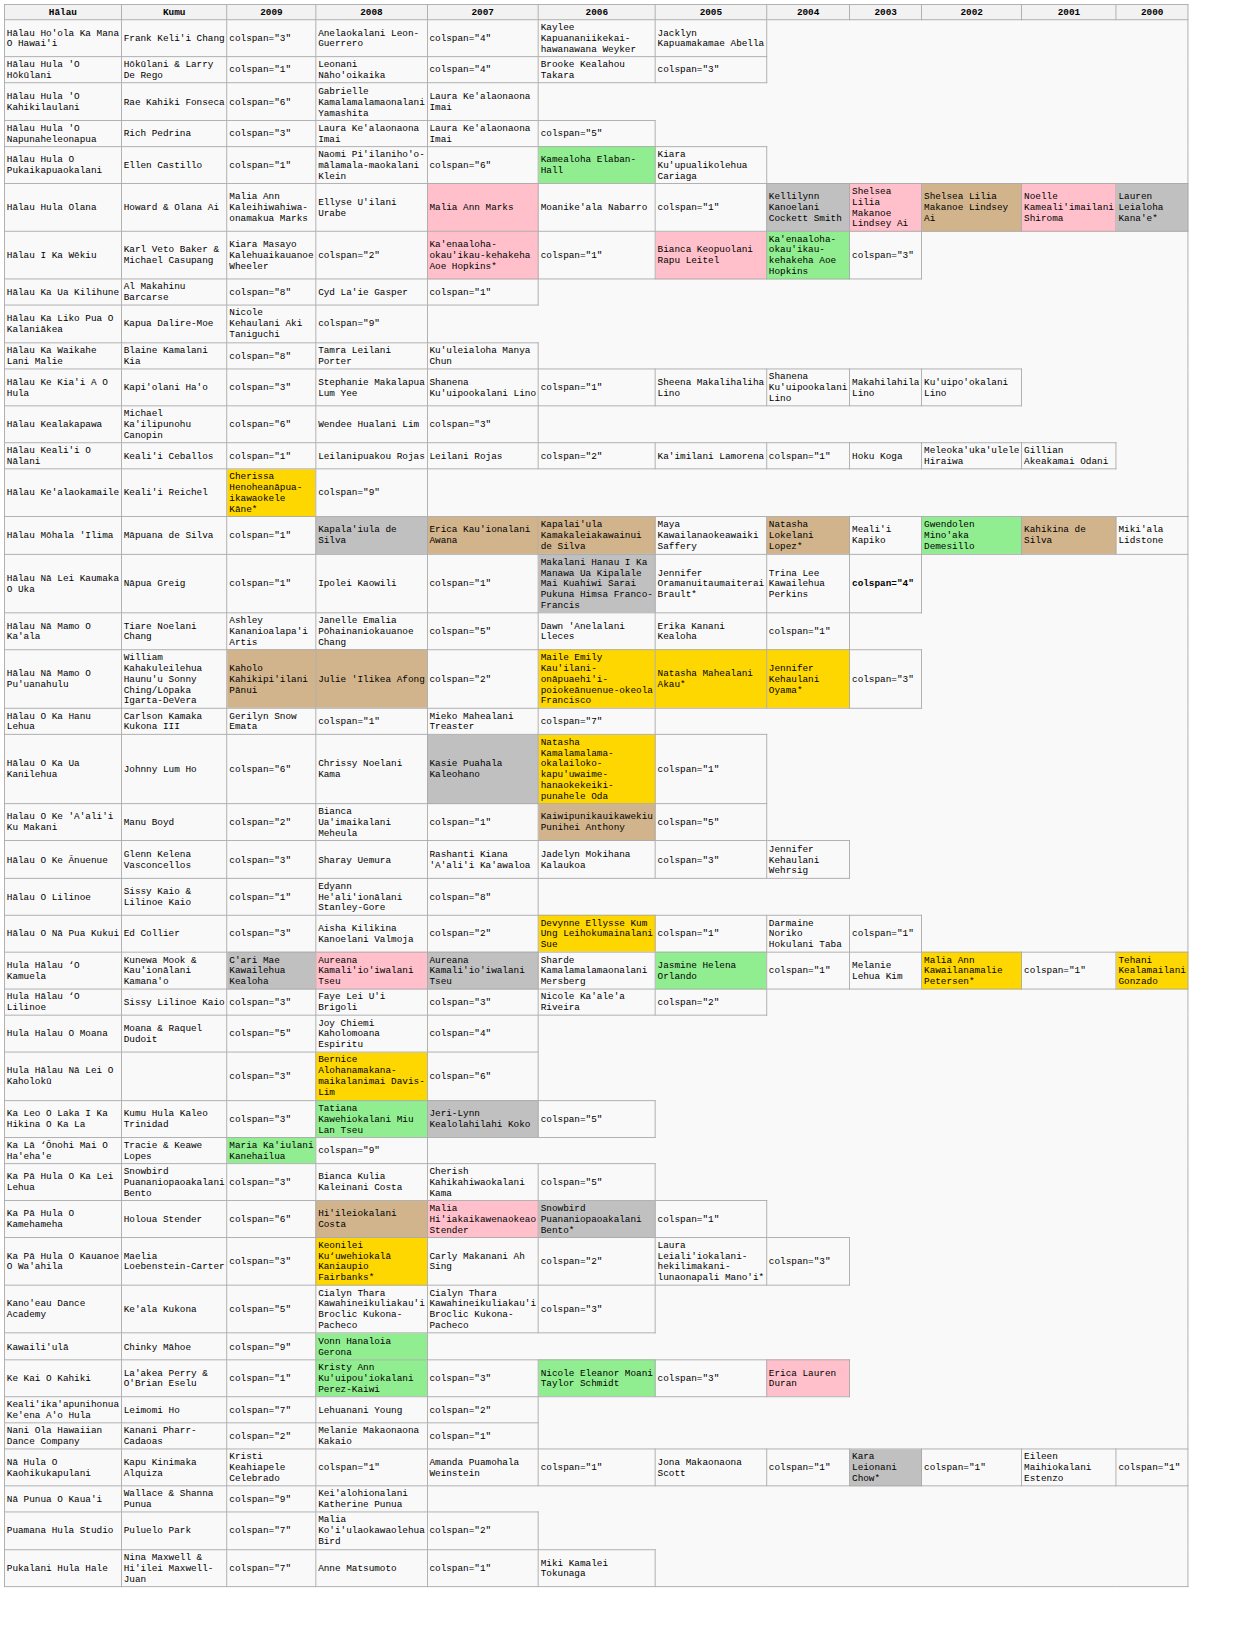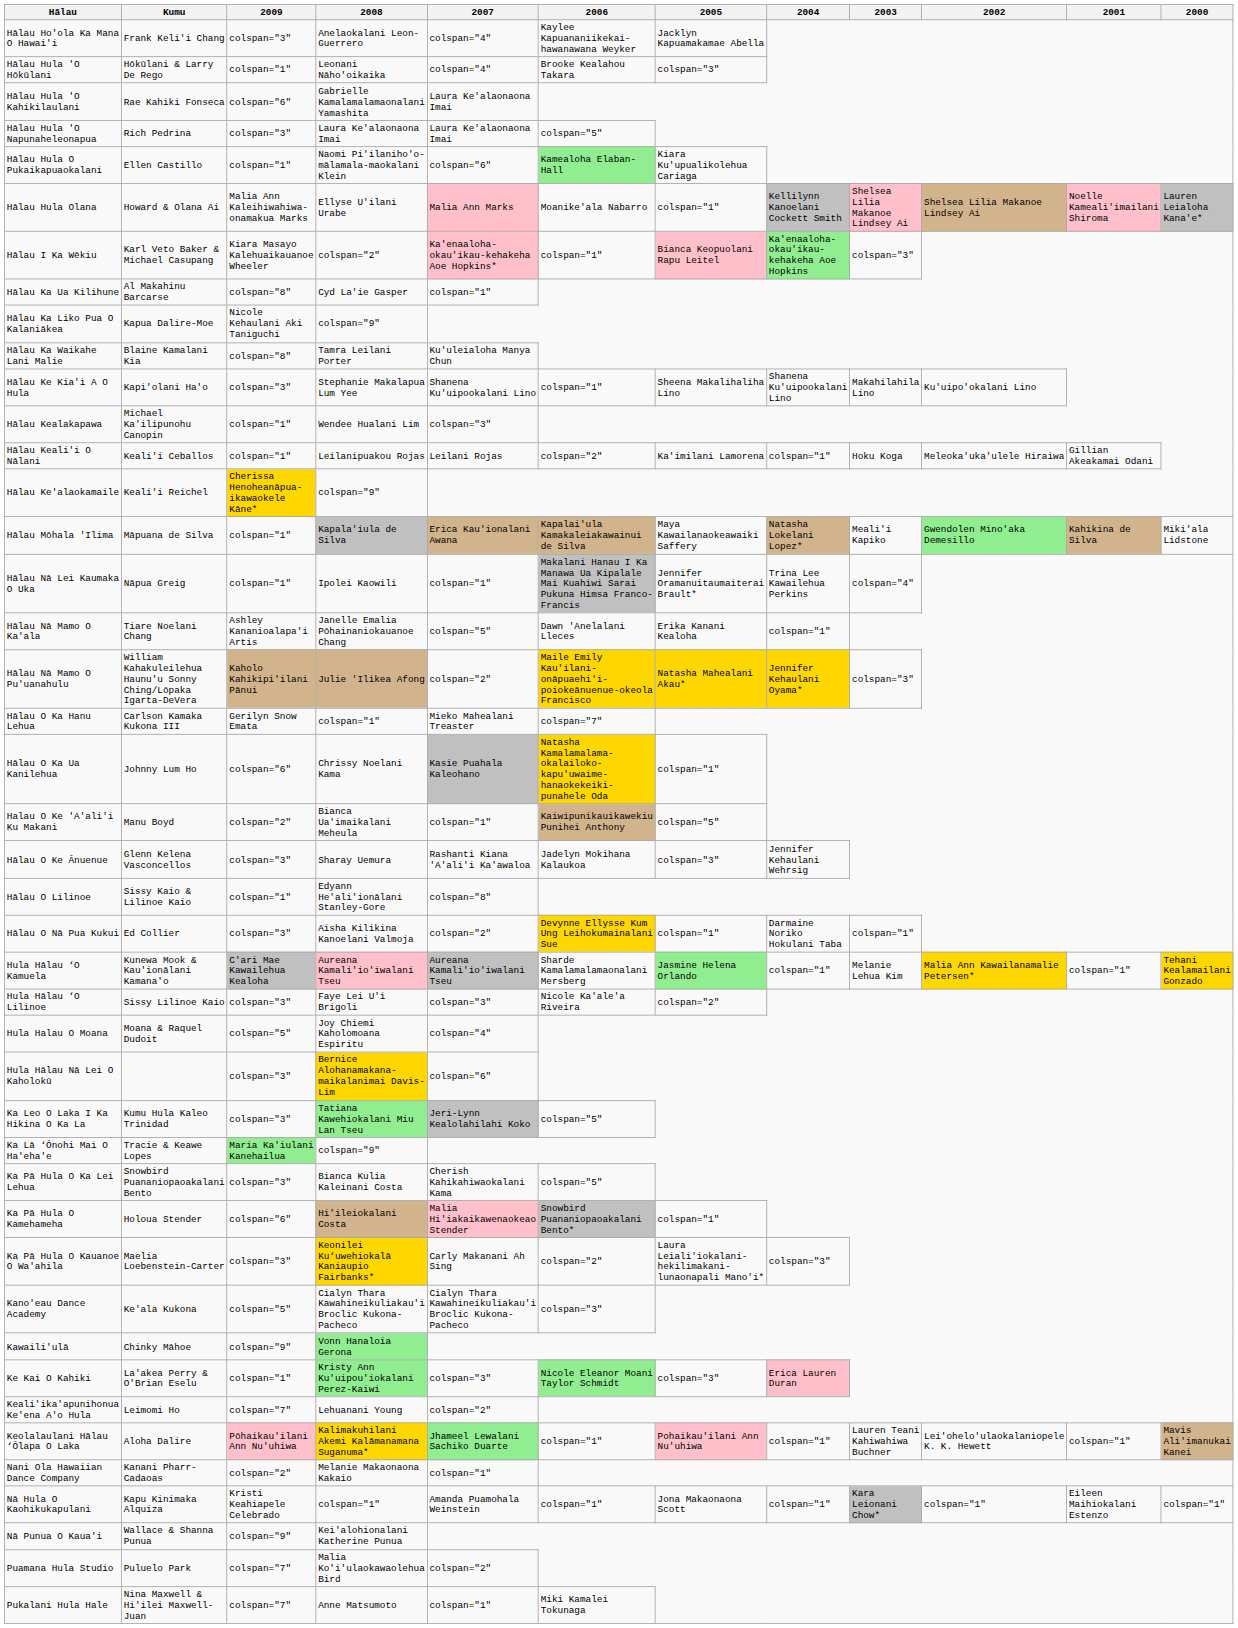 <table class="wikitable collapsible collapsed" style="margin:left; font-size:80%; line-height:12px;">
 <tr>
 <th>Hālau</th>
 <th>Kumu</th>
 <th>2009</th>
 <th>2008</th>
 <th>2007</th>
 <th>2006</th>
 <th>2005</th>
 <th>2004</th>
 <th>2003</th>
 <th>2002</th>
 <th>2001</th>
 <th>2000</th>
 </tr>
 <tr>
 <td>Hālau Ho'ola Ka Mana O Hawai'i</td>
 <td>Frank Keli'i Chang</td>
 <td>colspan="3"</td>
 <td>Anelaokalani Leon-Guerrero</td>
 <td>colspan="4"</td>
 <td>Kaylee Kapuananiikekai-hawanawana Weyker</td>
 <td>Jacklyn Kapuamakamae Abella</td>
 </tr>
 <tr>
 <td>Hālau Hula 'O Hōkūlani</td>
 <td>Hōkūlani & Larry De Rego</td>
 <td>colspan="1"</td>
 <td>Leonani Nāho'oikaika</td>
 <td>colspan="4"</td>
 <td>Brooke Kealahou Takara</td>
 <td>colspan="3"</td>
 </tr>
 <tr>
 <td>Hālau Hula 'O Kahikilaulani</td>
 <td>Rae Kahiki Fonseca</td>
 <td>colspan="6"</td>
 <td>Gabrielle Kamalamalamaonalani Yamashita</td>
 <td>Laura Ke'alaonaona Imai</td>
 </tr>
 <tr>
 <td>Hālau Hula 'O Napunaheleonapua</td>
 <td>Rich Pedrina</td>
 <td>colspan="3"</td>
 <td>Laura Ke'alaonaona Imai</td>
 <td>Laura Ke'alaonaona Imai</td>
 <td>colspan="5"</td>
 </tr>
 <tr>
 <td>Hālau Hula O Pukaikapuaokalani</td>
 <td>Ellen Castillo</td>
 <td>colspan="1"</td>
 <td>Naomi Pi'ilaniho'o-mālamala-maokalani Klein</td>
 <td>colspan="6"</td>
 <td style="background:lightgreen;">Kamealoha Elaban-Hall</td>
 <td>Kiara Ku'upualikolehua Cariaga</td>
 </tr>
 <tr>
 <td>Hālau Hula Olana</td>
 <td>Howard & Olana Ai</td>
 <td>Malia Ann Kaleihiwahiwa-onamakua Marks</td>
 <td>Ellyse U'ilani Urabe</td>
 <td style="background:pink;">Malia Ann Marks</td>
 <td>Moanike'ala Nabarro</td>
 <td>colspan="1"</td>
 <td style="background:silver;">Kellilynn Kanoelani Cockett Smith</td>
 <td style="background:pink;">Shelsea Lilia Makanoe Lindsey Ai</td>
 <td style="background:tan;">Shelsea Lilia Makanoe Lindsey Ai</td>
 <td style="background:pink;">Noelle Kameali'imailani Shiroma</td>
 <td style="background:silver;">Lauren Leialoha Kana'e*</td>
 </tr>
 <tr>
 <td>Hālau I Ka Wēkiu</td>
 <td>Karl Veto Baker & Michael Casupang</td>
 <td>Kiara Masayo Kalehuaikauanoe Wheeler</td>
 <td>colspan="2"</td>
 <td style="background:pink;">Ka'enaaloha-okau'ikau-kehakeha Aoe Hopkins*</td>
 <td>colspan="1"</td>
 <td style="background:pink;">Bianca Keopuolani Rapu Leitel</td>
 <td style="background:lightgreen;">Ka'enaaloha-okau'ikau-kehakeha Aoe Hopkins</td>
 <td>colspan="3"</td>
 </tr>
 <tr>
 <td>Hālau Ka Ua Kilihune</td>
 <td>Al Makahinu Barcarse</td>
 <td>colspan="8"</td>
 <td>Cyd La'ie Gasper</td>
 <td>colspan="1"</td>
 </tr>
 <tr>
 <td>Hālau Ka Liko Pua O Kalaniākea</td>
 <td>Kapua Dalire-Moe</td>
 <td>Nicole Kehaulani Aki Taniguchi</td>
 <td>colspan="9"</td>
 </tr>
 <tr>
 <td>Hālau Ka Waikahe Lani Malie</td>
 <td>Blaine Kamalani Kia</td>
 <td>colspan="8"</td>
 <td>Tamra Leilani Porter</td>
 <td>Ku'uleialoha Manya Chun</td>
 </tr>
 <tr>
 <td>Hālau Ke Kia'i A O Hula</td>
 <td>Kapi'olani Ha'o</td>
 <td>colspan="3"</td>
 <td>Stephanie Makalapua Lum Yee</td>
 <td>Shanena Ku'uipookalani Lino</td>
 <td>colspan="1"</td>
 <td>Sheena Makalihaliha Lino</td>
 <td>Shanena Ku'uipookalani Lino</td>
 <td>Makahilahila Lino</td>
 <td>Ku'uipo'okalani Lino</td>
 </tr>
 <tr>
 <td>Hālau Kealakapawa</td>
 <td>Michael Ka'ilipunohu Canopin</td>
-<td>colspan="6"</td>
+<td>colspan="1"</td>
 <td>Wendee Hualani Lim</td>
 <td>colspan="3"</td>
 </tr>
 <tr>
 <td>Hālau Keali'i O Nālani</td>
 <td>Keali'i Ceballos</td>
 <td>colspan="1"</td>
 <td>Leilanipuakou Rojas</td>
 <td>Leilani Rojas</td>
 <td>colspan="2"</td>
 <td>Ka'imilani Lamorena</td>
 <td>colspan="1"</td>
 <td>Hoku Koga</td>
 <td>Meleoka'uka'ulele Hiraiwa</td>
 <td>Gillian Akeakamai Odani</td>
 </tr>
 <tr>
 <td>Hālau Ke'alaokamaile</td>
 <td>Keali'i Reichel</td>
 <td style="background:gold;">Cherissa Henoheanāpua-ikawaokele Kāne*</td>
 <td>colspan="9"</td>
 </tr>
 <tr>
 <td>Hālau Mōhala 'Ilima</td>
 <td>Māpuana de Silva</td>
 <td>colspan="1"</td>
 <td style="background:silver;">Kapala'iula de Silva</td>
 <td style="background:tan;">Erica Kau'ionalani Awana</td>
 <td style="background:tan;">Kapalai'ula Kamakaleiakawainui de Silva</td>
 <td>Maya Kawailanaokeawaiki Saffery</td>
 <td style="background:tan;">Natasha Lokelani Lopez*</td>
 <td>Meali'i Kapiko</td>
 <td style="background:lightgreen;">Gwendolen Mino'aka Demesillo</td>
 <td style="background:tan;">Kahikina de Silva</td>
 <td>Miki'ala Lidstone</td>
 </tr>
 <tr>
 <td>Hālau Nā Lei Kaumaka O Uka</td>
 <td>Nāpua Greig</td>
 <td>colspan="1"</td>
 <td>Ipolei Kaowili</td>
 <td>colspan="1"</td>
 <td style="background:silver;">Makalani Hanau I Ka Manawa Ua Kipalale Mai Kuahiwi Sarai Pukuna Himsa Franco-Francis</td>
 <td>Jennifer Oramanuitaumaiterai Brault*</td>
 <td>Trina Lee Kawailehua Perkins</td>
-<td><strong>colspan="4"</strong></td>
+<td>colspan="4"</td>
 </tr>
 <tr>
 <td>Hālau Nā Mamo O Ka'ala</td>
 <td>Tiare Noelani Chang</td>
 <td>Ashley Kananioalapa'i Artis</td>
 <td>Janelle Emalia Pōhainaniokauanoe Chang</td>
 <td>colspan="5"</td>
 <td>Dawn 'Anelalani Lleces</td>
 <td>Erika Kanani Kealoha</td>
 <td>colspan="1"</td>
 </tr>
 <tr>
 <td>Hālau Nā Mamo O Pu'uanahulu</td>
 <td>William Kahakuleilehua Haunu'u Sonny Ching/Lōpaka Igarta-DeVera</td>
 <td style="background:tan;">Kaholo Kahikipi'ilani Pānui</td>
 <td style="background:tan;">Julie 'Ilikea Afong</td>
 <td>colspan="2"</td>
 <td style="background:gold;">Maile Emily Kau'ilani-onāpuaehi'i-poiokeānuenue-okeola Francisco</td>
 <td style="background:gold;">Natasha Mahealani Akau*</td>
 <td style="background:gold;">Jennifer Kehaulani Oyama*</td>
 <td>colspan="3"</td>
 </tr>
 <tr>
 <td>Hālau O Ka Hanu Lehua</td>
 <td>Carlson Kamaka Kukona III</td>
 <td>Gerilyn Snow Emata</td>
 <td>colspan="1"</td>
 <td>Mieko Mahealani Treaster</td>
 <td>colspan="7"</td>
 </tr>
 <tr>
 <td>Hālau O Ka Ua Kanilehua</td>
 <td>Johnny Lum Ho</td>
 <td>colspan="6"</td>
 <td>Chrissy Noelani Kama</td>
 <td style="background:silver;">Kasie Puahala Kaleohano</td>
 <td style="background:gold;">Natasha Kamalamalama-okalailoko-kapu'uwaime-hanaokekeiki-punahele Oda</td>
 <td>colspan="1"</td>
 </tr>
 <tr>
 <td>Halau O Ke 'A'ali'i Ku Makani</td>
 <td>Manu Boyd</td>
 <td>colspan="2"</td>
 <td>Bianca Ua'imaikalani Meheula</td>
 <td>colspan="1"</td>
 <td style="background:tan;">Kaiwipunikauikawekiu Punihei Anthony</td>
 <td>colspan="5"</td>
 </tr>
 <tr>
 <td>Hālau O Ke Ānuenue</td>
 <td>Glenn Kelena Vasconcellos</td>
 <td>colspan="3"</td>
 <td>Sharay Uemura</td>
 <td>Rashanti Kiana 'A'ali'i Ka'awaloa</td>
 <td>Jadelyn Mokihana Kalaukoa</td>
 <td>colspan="3"</td>
 <td>Jennifer Kehaulani Wehrsig</td>
 </tr>
 <tr>
 <td>Hālau O Lilinoe</td>
 <td>Sissy Kaio & Lilinoe Kaio</td>
 <td>colspan="1"</td>
 <td>Edyann He'ali'ionālani Stanley-Gore</td>
 <td>colspan="8"</td>
 </tr>
 <tr>
 <td>Hālau O Nā Pua Kukui</td>
 <td>Ed Collier</td>
 <td>colspan="3"</td>
 <td>Aisha Kilikina Kanoelani Valmoja</td>
 <td>colspan="2"</td>
 <td style="background: gold;">Devynne Ellysse Kum Ung Leihokumainalani Sue</td>
 <td>colspan="1"</td>
 <td>Darmaine Noriko Hokulani Taba</td>
 <td>colspan="1"</td>
 </tr>
 <tr>
 <td>Hula Hālau ‘O Kamuela</td>
 <td>Kunewa Mook & Kau'ionālani Kamana'o</td>
 <td style="background:silver;">C'ari Mae Kawailehua Kealoha</td>
 <td style="background:pink;">Aureana Kamali'io'iwalani Tseu</td>
 <td style="background:silver;">Aureana Kamali'io'iwalani Tseu</td>
 <td>Sharde Kamalamalamaonalani Mersberg</td>
 <td style="background:lightgreen;">Jasmine Helena Orlando</td>
 <td>colspan="1"</td>
 <td>Melanie Lehua Kim</td>
 <td style="background:gold;">Malia Ann Kawailanamalie Petersen*</td>
 <td>colspan="1"</td>
 <td style="background:gold;">Tehani Kealamailani Gonzado</td>
 </tr>
 <tr>
 <td>Hula Hālau ‘O Lilinoe</td>
 <td>Sissy Lilinoe Kaio</td>
 <td>colspan="3"</td>
 <td>Faye Lei U'i Brigoli</td>
 <td>colspan="3"</td>
 <td>Nicole Ka'ale'a Riveira</td>
 <td>colspan="2"</td>
 </tr>
 <tr>
 <td>Hula Halau O Moana</td>
 <td>Moana & Raquel Dudoit</td>
 <td>colspan="5"</td>
 <td>Joy Chiemi Kaholomoana Espiritu</td>
 <td>colspan="4"</td>
 </tr>
 <tr>
 <td>Hula Hālau Nā Lei O Kaholokū</td>
 <td></td>
 <td>colspan="3"</td>
 <td style="background:gold;">Bernice Alohanamakana-maikalanimai Davis-Lim</td>
 <td>colspan="6"</td>
 </tr>
 <tr>
 <td>Ka Leo O Laka I Ka Hikina O Ka La</td>
 <td>Kumu Hula Kaleo Trinidad</td>
 <td>colspan="3"</td>
 <td style="background:lightgreen;">Tatiana Kawehiokalani Miu Lan Tseu</td>
 <td style="background:silver;">Jeri-Lynn Kealolahilahi Koko</td>
 <td>colspan="5"</td>
 </tr>
 <tr>
 <td>Ka Lā ‘Ōnohi Mai O Ha'eha'e</td>
 <td>Tracie & Keawe Lopes</td>
 <td style="background:lightgreen;">Maria Ka'iulani Kanehailua</td>
 <td>colspan="9"</td>
 </tr>
 <tr>
 <td>Ka Pā Hula O Ka Lei Lehua</td>
 <td>Snowbird Puananiopaoakalani Bento</td>
 <td>colspan="3"</td>
 <td>Bianca Kulia Kaleinani Costa</td>
 <td>Cherish Kahikahiwaokalani Kama</td>
 <td>colspan="5"</td>
 </tr>
 <tr>
 <td>Ka Pā Hula O Kamehameha</td>
 <td>Holoua Stender</td>
 <td>colspan="6"</td>
 <td style="background:tan;">Hi'ileiokalani Costa</td>
 <td style="background:pink;">Malia Hi'iakaikawenaokeao Stender</td>
 <td style="background:silver;">Snowbird Puananiopaoakalani Bento*</td>
 <td>colspan="1"</td>
 </tr>
 <tr>
 <td>Ka Pā Hula O Kauanoe O Wa'ahila</td>
 <td>Maelia Loebenstein-Carter</td>
 <td>colspan="3"</td>
 <td style="background:gold;">Keonilei Ku‘uwehiokalā Kaniaupio Fairbanks*</td>
 <td>Carly Makanani Ah Sing</td>
 <td>colspan="2"</td>
 <td>Laura Leiali'iokalani-hekilimakani-lunaonapali Mano'i*</td>
 <td>colspan="3"</td>
 </tr>
 <tr>
 <td>Kano'eau Dance Academy</td>
 <td>Ke'ala Kukona</td>
 <td>colspan="5"</td>
 <td>Cialyn Thara Kawahineikuliakau'i Broclic Kukona-Pacheco</td>
 <td>Cialyn Thara Kawahineikuliakau'i Broclic Kukona-Pacheco</td>
 <td>colspan="3"</td>
 </tr>
 <tr>
 <td>Kawaili'ulā</td>
 <td>Chinky Māhoe</td>
 <td>colspan="9"</td>
 <td style="background:lightgreen;">Vonn Hanaloia Gerona</td>
 </tr>
 <tr>
 <td>Ke Kai O Kahiki</td>
 <td>La'akea Perry & O'Brian Eselu</td>
 <td>colspan="1"</td>
 <td style="background:lightgreen;">Kristy Ann Ku'uipou'iokalani Perez-Kaiwi</td>
 <td>colspan="3"</td>
 <td style="background:lightgreen;">Nicole Eleanor Moani Taylor Schmidt</td>
 <td>colspan="3"</td>
 <td style="background:pink;">Erica Lauren Duran</td>
 </tr>
 <tr>
 <td>Keali'ika'apunihonua Ke'ena A'o Hula</td>
 <td>Leimomi Ho</td>
 <td>colspan="7"</td>
 <td>Lehuanani Young</td>
 <td>colspan="2"</td>
 </tr>
 <tr>
+<td>Keolalaulani Hālau ‘Ōlapa O Laka</td>
+<td>Aloha Dalire</td>
+<td style="background:pink;">Pōhaikau'ilani Ann Nu'uhiwa</td>
+<td style="background:gold;">Kalimakuhilani Akemi Kalāmanamana Suganuma*</td>
+<td style="background:lightgreen;">Jhameel Lewalani Sachiko Duarte</td>
+<td>colspan="1"</td>
+<td style="background:pink;">Pohaikau'ilani Ann Nu'uhiwa</td>
+<td>colspan="1"</td>
+<td>Lauren Teani Kahiwahiwa Buchner</td>
+<td>Lei'ohelo'ulaokalaniopele K. K. Hewett</td>
+<td>colspan="1"</td>
+<td style="background:tan;">Mavis Ali'imanukai Kanei</td>
+</tr>
+<tr>
 <td>Nani Ola Hawaiian Dance Company</td>
 <td>Kanani Pharr-Cadaoas</td>
 <td>colspan="2"</td>
 <td>Melanie Makaonaona Kakaio</td>
 <td>colspan="1"</td>
 </tr>
 <tr>
 <td>Nā Hula O Kaohikukapulani</td>
 <td>Kapu Kinimaka Alquiza</td>
 <td>Kristi Keahiapele Celebrado</td>
 <td>colspan="1"</td>
 <td>Amanda Puamohala Weinstein</td>
 <td>colspan="1"</td>
 <td>Jona Makaonaona Scott</td>
 <td>colspan="1"</td>
 <td style="background:silver;">Kara Leionani Chow*</td>
 <td>colspan="1"</td>
 <td>Eileen Maihiokalani Estenzo</td>
 <td>colspan="1"</td>
 </tr>
 <tr>
 <td>Nā Punua O Kaua'i</td>
 <td>Wallace & Shanna Punua</td>
 <td>colspan="9"</td>
 <td>Kei'alohionalani Katherine Punua</td>
 </tr>
 <tr>
 <td>Puamana Hula Studio</td>
 <td>Puluelo Park</td>
 <td>colspan="7"</td>
 <td>Malia Ko'i'ulaokawaolehua Bird</td>
 <td>colspan="2"</td>
 </tr>
 <tr>
 <td>Pukalani Hula Hale</td>
 <td>Nina Maxwell & Hi'ilei Maxwell-Juan</td>
 <td>colspan="7"</td>
 <td>Anne Matsumoto</td>
 <td>colspan="1"</td>
 <td>Miki Kamalei Tokunaga</td>
 </tr>
 </table>
